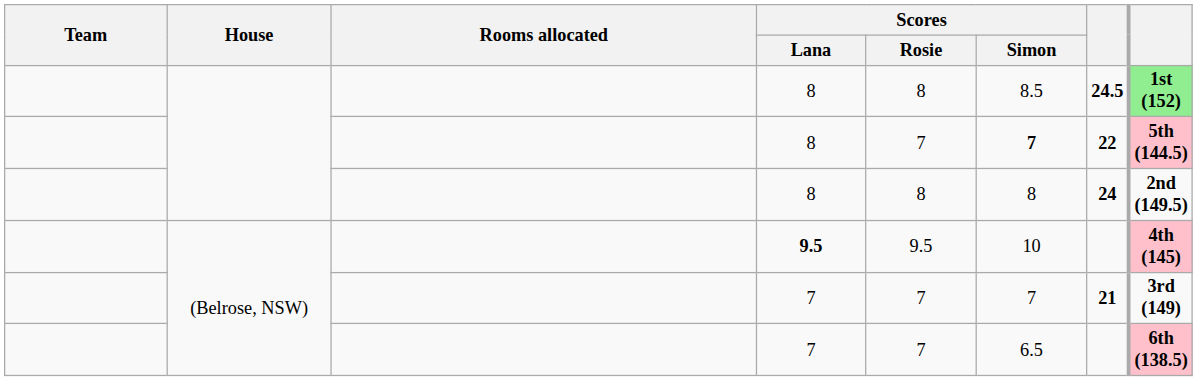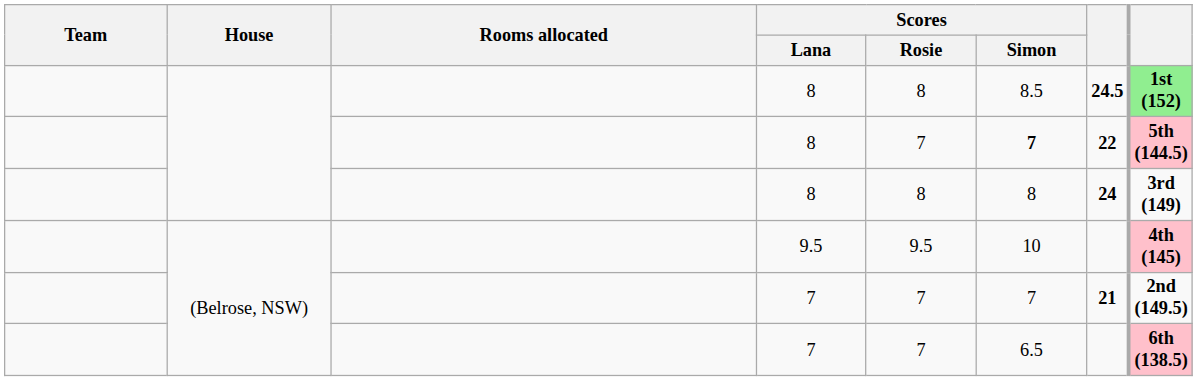 <table class="wikitable plainrowheaders" style="text-align:center; font-size:90%; width:65em;">
 <tr>
 <th rowspan="2">Team</th>
 <th rowspan="2">House</th>
 <th rowspan="2" style="width:40%;">Rooms allocated</th>
 <th colspan="3" style="width:30%;">Scores</th>
 <th rowspan="2" style="width:15%;"></th>
 <th rowspan="2" style="width:15%; border-left:3px solid #aaa;"></th>
 </tr>
 <tr>
 <th style="width:10%;">Lana</th>
 <th style="width:10%;">Rosie</th>
 <th style="width:10%;">Simon</th>
 </tr>
 <tr>
 <td style="width:15%;"></td>
 <td rowspan=3 style="width:15%;"><br></td>
 <td></td>
 <td>8</td>
 <td>8</td>
 <td>8.5</td>
 <td><strong>24.5</strong></td>
 <td style="border-left:3px solid #aaa;" bgcolor="lightgreen"><strong>1st (152)</strong></td>
 </tr>
 <tr>
 <td style="width:15%;"></td>
 <td></td>
 <td>8</td>
 <td>7</td>
 <td><strong>7</strong></td>
 <td><strong>22</strong></td>
 <td style="border-left:3px solid #aaa;" bgcolor="pink"><strong>5th (144.5)</strong></td>
 </tr>
 <tr>
 <td style="width:15%;"></td>
 <td></td>
 <td>8</td>
 <td>8</td>
 <td>8</td>
 <td><strong>24</strong></td>
-<td style="border-left:3px solid #aaa;"><strong>2nd (149.5)</strong></td>
+<td style="border-left:3px solid #aaa;"><strong>3rd (149)</strong></td>
 </tr>
 <tr>
 <td style="width:15%;"></td>
 <td rowspan=3 style="width:15%;"><br>(Belrose, NSW)</td>
 <td></td>
-<td><strong>9.5</strong></td>
+<td>9.5</td>
 <td>9.5</td>
 <td>10</td>
 <td></td>
 <td style="border-left:3px solid #aaa;" bgcolor="pink"><strong>4th (145)</strong></td>
 </tr>
 <tr>
 <td style="width:15%;"></td>
 <td></td>
 <td>7</td>
 <td>7</td>
 <td>7</td>
 <td><strong>21</strong></td>
-<td style="border-left:3px solid #aaa;"><strong>3rd (149)</strong></td>
+<td style="border-left:3px solid #aaa;"><strong>2nd (149.5)</strong></td>
 </tr>
 <tr>
 <td style="width:15%;"></td>
 <td></td>
 <td>7</td>
 <td>7</td>
 <td>6.5</td>
 <td></td>
 <td style="border-left:3px solid #aaa;" bgcolor="pink"><strong>6th (138.5)</strong></td>
 </tr>
 </table>
